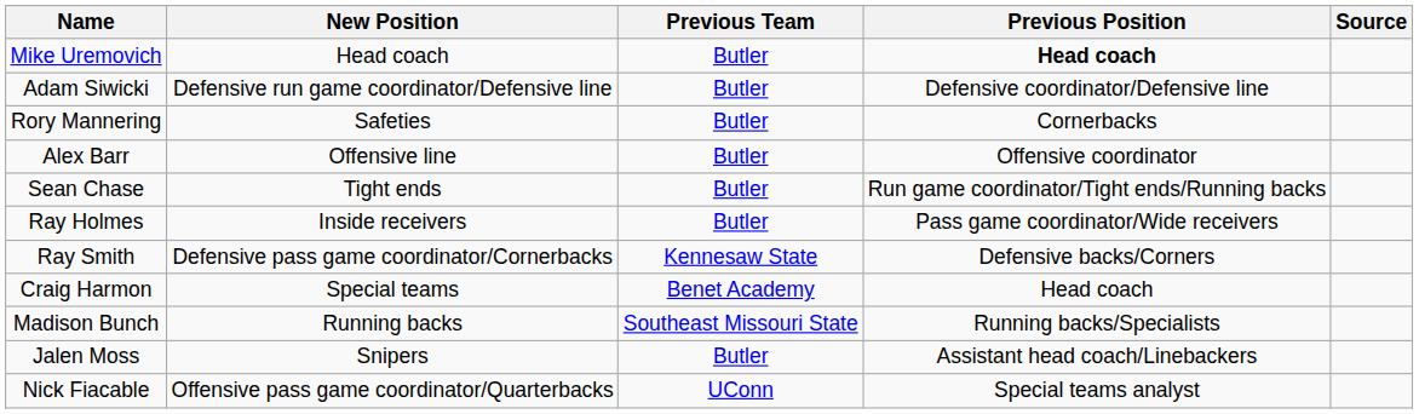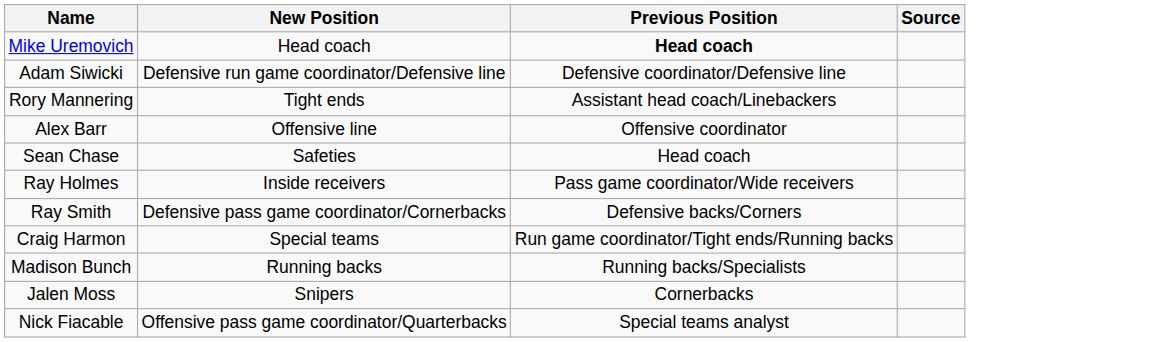 <table class="wikitable">
 <tr>
 <th style="text-align:center; ">Name</th>
 <th style="text-align:center; ">New Position</th>
-<th style="text-align:center; ">Previous Team</th>
 <th style="text-align:center; ">Previous Position</th>
 <th style="text-align:center; ">Source</th>
 </tr>
 <tr align="center">
 <td><a href='#'>Mike Uremovich</a></td>
 <td>Head coach</td>
-<td><a href='#'>Butler</a></td>
 <td><strong>Head coach</strong></td>
 <td></td>
 </tr>
 <tr align="center">
 <td>Adam Siwicki</td>
 <td>Defensive run game coordinator/Defensive line</td>
-<td><a href='#'>Butler</a></td>
 <td>Defensive coordinator/Defensive line</td>
 <td></td>
 </tr>
 <tr align="center">
 <td>Rory Mannering</td>
-<td>Safeties</td>
-<td><a href='#'>Butler</a></td>
-<td>Cornerbacks</td>
+<td>Tight ends</td>
+<td>Assistant head coach/Linebackers</td>
 <td></td>
 </tr>
 <tr align="center">
 <td>Alex Barr</td>
 <td>Offensive line</td>
-<td><a href='#'>Butler</a></td>
 <td>Offensive coordinator</td>
 <td></td>
 </tr>
 <tr align="center">
 <td>Sean Chase</td>
-<td>Tight ends</td>
-<td><a href='#'>Butler</a></td>
-<td>Run game coordinator/Tight ends/Running backs</td>
+<td>Safeties</td>
+<td>Head coach</td>
 <td></td>
 </tr>
 <tr align="center">
 <td>Ray Holmes</td>
 <td>Inside receivers</td>
-<td><a href='#'>Butler</a></td>
 <td>Pass game coordinator/Wide receivers</td>
 <td></td>
 </tr>
 <tr align="center">
 <td>Ray Smith</td>
 <td>Defensive pass game coordinator/Cornerbacks</td>
-<td><a href='#'>Kennesaw State</a></td>
 <td>Defensive backs/Corners</td>
 <td></td>
 </tr>
 <tr align="center">
 <td>Craig Harmon</td>
 <td>Special teams</td>
-<td><a href='#'>Benet Academy</a></td>
-<td>Head coach</td>
+<td>Run game coordinator/Tight ends/Running backs</td>
 <td></td>
 </tr>
 <tr align="center">
 <td>Madison Bunch</td>
 <td>Running backs</td>
-<td><a href='#'>Southeast Missouri State</a></td>
 <td>Running backs/Specialists</td>
 <td></td>
 </tr>
 <tr align="center">
 <td>Jalen Moss</td>
 <td>Snipers</td>
-<td><a href='#'>Butler</a></td>
-<td>Assistant head coach/Linebackers</td>
+<td>Cornerbacks</td>
 <td></td>
 </tr>
 <tr align="center">
 <td>Nick Fiacable</td>
 <td>Offensive pass game coordinator/Quarterbacks</td>
-<td><a href='#'>UConn</a></td>
 <td>Special teams analyst</td>
 <td></td>
 </tr>
 </table>
